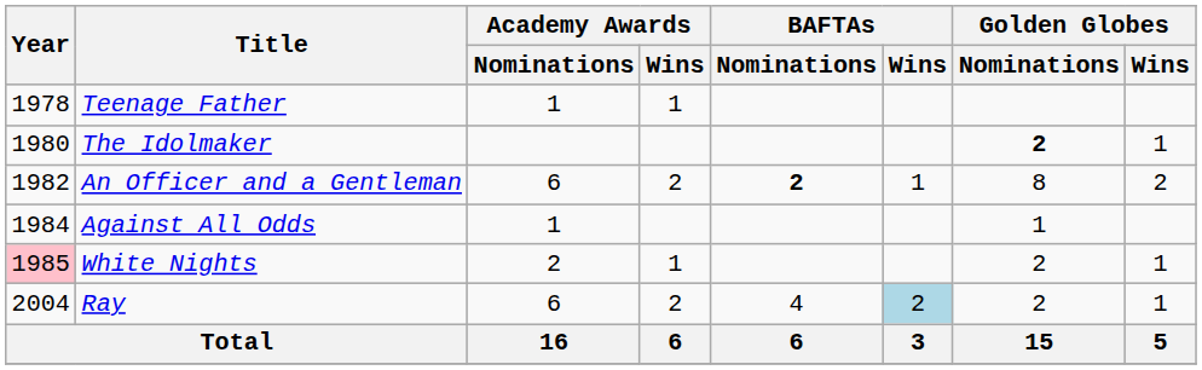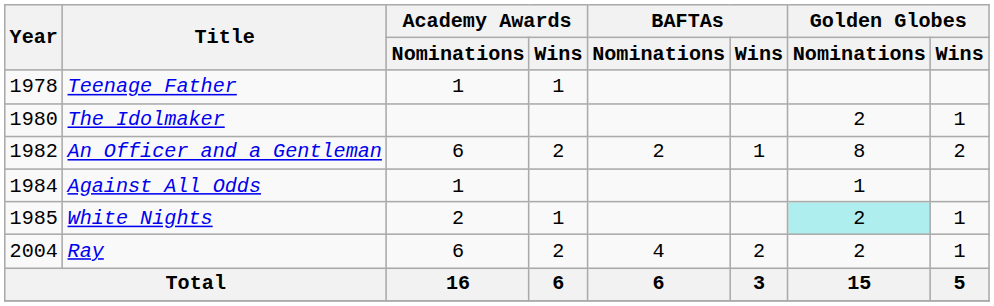 <table class="wikitable">
 <tr>
 <th rowspan="2">Year</th>
 <th rowspan="2">Title</th>
 <th colspan="2">Academy Awards</th>
 <th colspan="2">BAFTAs</th>
 <th colspan="2">Golden Globes</th>
 </tr>
 <tr>
 <th>Nominations</th>
 <th>Wins</th>
 <th>Nominations</th>
 <th>Wins</th>
 <th>Nominations</th>
 <th>Wins</th>
 </tr>
 <tr>
 <td>1978</td>
 <td><em><a href='#'>Teenage Father</a></em></td>
 <td align=center>1</td>
 <td align=center>1</td>
 <td></td>
 <td></td>
 <td></td>
 <td></td>
 </tr>
 <tr>
 <td>1980</td>
 <td><em><a href='#'>The Idolmaker</a></em></td>
 <td></td>
 <td></td>
 <td></td>
 <td></td>
-<td align=center><strong>2</strong></td>
+<td align=center>2</td>
 <td align=center>1</td>
 </tr>
 <tr>
 <td>1982</td>
 <td><em><a href='#'>An Officer and a Gentleman</a></em></td>
 <td align=center>6</td>
 <td align=center>2</td>
-<td align=center><strong>2</strong></td>
+<td align=center>2</td>
 <td align=center>1</td>
 <td align=center>8</td>
 <td align=center>2</td>
 </tr>
 <tr>
 <td>1984</td>
 <td><em><a href='#'>Against All Odds</a></em></td>
 <td align=center>1</td>
 <td></td>
 <td></td>
 <td></td>
 <td align=center>1</td>
 <td></td>
 </tr>
 <tr>
-<td style="background: pink;">1985</td>
+<td>1985</td>
 <td><em><a href='#'>White Nights</a></em></td>
 <td align=center>2</td>
 <td align=center>1</td>
 <td></td>
 <td></td>
-<td align=center>2</td>
+<td align=center style="background: paleturquoise;">2</td>
 <td align=center>1</td>
 </tr>
 <tr>
 <td>2004</td>
 <td><em><a href='#'>Ray</a></em></td>
 <td align=center>6</td>
 <td align=center>2</td>
 <td align=center>4</td>
-<td align=center style="background: lightblue;">2</td>
+<td align=center>2</td>
 <td align=center>2</td>
 <td align=center>1</td>
 </tr>
 <tr>
 <th colspan="2">Total</th>
 <th>16</th>
 <th>6</th>
 <th>6</th>
 <th>3</th>
 <th>15</th>
 <th>5</th>
 </tr>
 <tr>
 </tr>
 </table>
